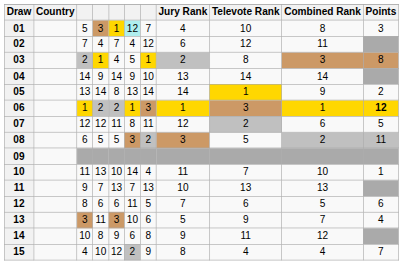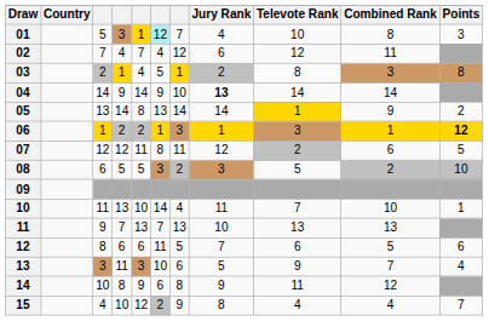 <table class="sortable wikitable collapsible plainrowheaders" style="text-align:center">
 <tr>
 </tr>
 <tr>
 <th scope="col">Draw</th>
 <th scope="col">Country</th>
 <th scope="col"><small></small></th>
 <th scope="col"><small></small></th>
 <th scope="col"><small></small></th>
 <th scope="col"><small></small></th>
 <th scope="col"><small></small></th>
 <th scope="col">Jury Rank</th>
 <th scope="col">Televote Rank</th>
 <th scope="col">Combined Rank</th>
 <th scope="col">Points</th>
 </tr>
 <tr>
 <th scope="row" style="text-align:center;">01</th>
 <td style="text-align:left;"></td>
 <td>5</td>
 <td style="background:#CC9966;">3</td>
 <td style="background:gold;">1</td>
 <td style="background: paleturquoise;">12</td>
 <td>7</td>
 <td>4</td>
 <td>10</td>
 <td>8</td>
 <td>3</td>
 </tr>
 <tr>
 <th scope="row" style="text-align:center;">02</th>
 <td style="text-align:left;"></td>
 <td>7</td>
 <td>4</td>
 <td>7</td>
 <td>4</td>
 <td>12</td>
 <td>6</td>
 <td>12</td>
 <td>11</td>
 <td style="background:#AAAAAA;"></td>
 </tr>
 <tr>
 <th scope="row" style="text-align:center;">03</th>
 <td style="text-align:left;"></td>
 <td style="background:silver;">2</td>
 <td style="background:gold;">1</td>
 <td>4</td>
 <td>5</td>
 <td style="background:gold;">1</td>
 <td style="background:silver;">2</td>
 <td>8</td>
 <td style="background:#CC9966;">3</td>
 <td style="background:#CC9966;">8</td>
 </tr>
 <tr>
 <th scope="row" style="text-align:center;">04</th>
 <td style="text-align:left;"></td>
 <td>14</td>
 <td>9</td>
 <td>14</td>
 <td>9</td>
 <td>10</td>
-<td>13</td>
+<td><strong>13</strong></td>
 <td>14</td>
 <td>14</td>
 <td style="background:#AAAAAA;"></td>
 </tr>
 <tr>
 <th scope="row" style="text-align:center;">05</th>
 <td style="text-align:left;"></td>
 <td>13</td>
 <td>14</td>
 <td>8</td>
 <td>13</td>
 <td>14</td>
 <td>14</td>
 <td style="background:gold;">1</td>
 <td>9</td>
 <td>2</td>
 </tr>
 <tr>
 <th scope="row" style="text-align:center;">06</th>
 <td style="text-align:left;"></td>
 <td style="background:gold;">1</td>
 <td style="background:silver;">2</td>
 <td style="background:silver;">2</td>
 <td style="background:gold;">1</td>
 <td style="background:#CC9966;">3</td>
 <td style="background:gold;">1</td>
 <td style="background:#CC9966;">3</td>
 <td style="background:gold;">1</td>
 <td style="background:gold;"><strong>12</strong></td>
 </tr>
 <tr>
 <th scope="row" style="text-align:center;">07</th>
 <td style="text-align:left;"></td>
 <td>12</td>
 <td>12</td>
 <td>11</td>
 <td>8</td>
 <td>11</td>
 <td>12</td>
 <td style="background:silver;">2</td>
 <td>6</td>
 <td>5</td>
 </tr>
 <tr>
 <th scope="row" style="text-align:center;">08</th>
 <td style="text-align:left;"></td>
 <td>6</td>
 <td>5</td>
 <td>5</td>
 <td style="background:#CC9966;">3</td>
 <td style="background:silver;">2</td>
 <td style="background:#CC9966;">3</td>
 <td>5</td>
 <td style="background:silver;">2</td>
-<td style="background:silver;">11</td>
+<td style="background:silver;">10</td>
 </tr>
 <tr class="sortbottom">
 <th scope="row" style="text-align:center;">09</th>
 <td style="text-align:left;"></td>
 <td style="background:#AAAAAA;"></td>
 <td style="background:#AAAAAA;"></td>
 <td style="background:#AAAAAA;"></td>
 <td style="background:#AAAAAA;"></td>
 <td style="background:#AAAAAA;"></td>
 <td style="background:#AAAAAA;"></td>
 <td style="background:#AAAAAA;"></td>
 <td style="background:#AAAAAA;"></td>
 <td style="background:#AAAAAA;"></td>
 </tr>
 <tr>
 <th scope="row" style="text-align:center;">10</th>
 <td style="text-align:left;"></td>
 <td>11</td>
 <td>13</td>
 <td>10</td>
 <td>14</td>
 <td>4</td>
 <td>11</td>
 <td>7</td>
 <td>10</td>
 <td>1</td>
 </tr>
 <tr>
 <th scope="row" style="text-align:center;">11</th>
 <td style="text-align:left;"></td>
 <td>9</td>
 <td>7</td>
 <td>13</td>
 <td>7</td>
 <td>13</td>
 <td>10</td>
 <td>13</td>
 <td>13</td>
 <td style="background:#AAAAAA;"></td>
 </tr>
 <tr>
 <th scope="row" style="text-align:center;">12</th>
 <td style="text-align:left;"></td>
 <td>8</td>
 <td>6</td>
 <td>6</td>
 <td>11</td>
 <td>5</td>
 <td>7</td>
 <td>6</td>
 <td>5</td>
 <td>6</td>
 </tr>
 <tr>
 <th scope="row" style="text-align:center;">13</th>
 <td style="text-align:left;"></td>
 <td style="background:#CC9966;">3</td>
 <td>11</td>
 <td style="background:#CC9966;">3</td>
 <td>10</td>
 <td>6</td>
 <td>5</td>
 <td>9</td>
 <td>7</td>
 <td>4</td>
 </tr>
 <tr>
 <th scope="row" style="text-align:center;">14</th>
 <td style="text-align:left;"></td>
 <td>10</td>
 <td>8</td>
 <td>9</td>
 <td>6</td>
 <td>8</td>
 <td>9</td>
 <td>11</td>
 <td>12</td>
 <td style="background:#AAAAAA;"></td>
 </tr>
 <tr>
 <th scope="row" style="text-align:center;">15</th>
 <td style="text-align:left;"></td>
 <td>4</td>
 <td>10</td>
 <td>12</td>
 <td style="background:silver;">2</td>
 <td>9</td>
 <td>8</td>
 <td>4</td>
 <td>4</td>
 <td>7</td>
 </tr>
 </table>
